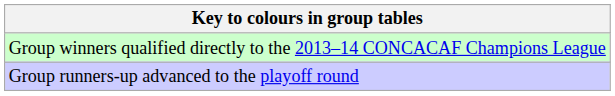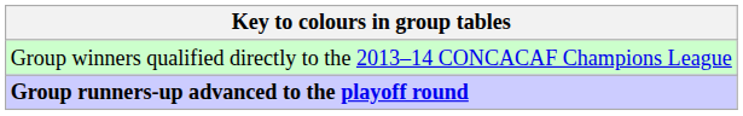 <table class="wikitable">
 <tr>
 <th>Key to colours in group tables</th>
 </tr>
 <tr bgcolor=#ccffcc>
 <td>Group winners qualified directly to the <a href='#'>2013–14 CONCACAF Champions League</a></td>
 </tr>
 <tr bgcolor=#ccccff>
-<td>Group runners-up advanced to the <a href='#'>playoff round</a></td>
+<td><strong>Group runners-up advanced to the <a href='#'>playoff round</a></strong></td>
 </tr>
 </table>
